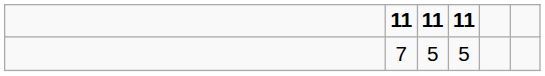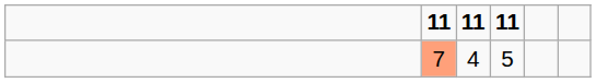 <table class="wikitable">
 <tr>
 <td style="width:18em"><strong></strong></td>
 <td align=center style="width:1em"><strong>11</strong></td>
 <td align=center style="width:1em"><strong>11</strong></td>
 <td align=center style="width:1em"><strong>11</strong></td>
 <td align=center style="width:1em"></td>
 <td align=center style="width:1em"></td>
 </tr>
 <tr>
 <td style="width:18em"></td>
-<td align=center style="width:1em">7</td>
-<td align=center style="width:1em">5</td>
+<td align=center style="background: lightsalmon; width:1em">7</td>
+<td align=center style="width:1em">4</td>
 <td align=center style="width:1em">5</td>
 <td align=center style="width:1em"></td>
 <td align=center style="width:1em"></td>
 </tr>
 </table>
